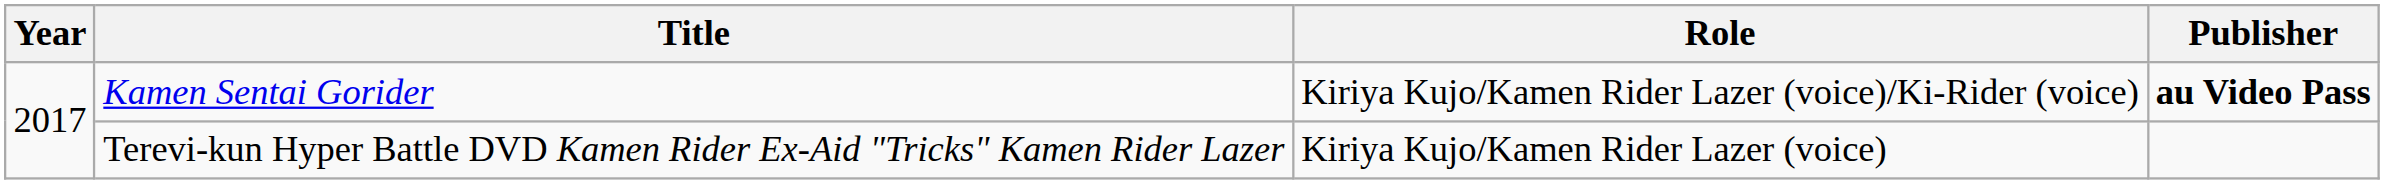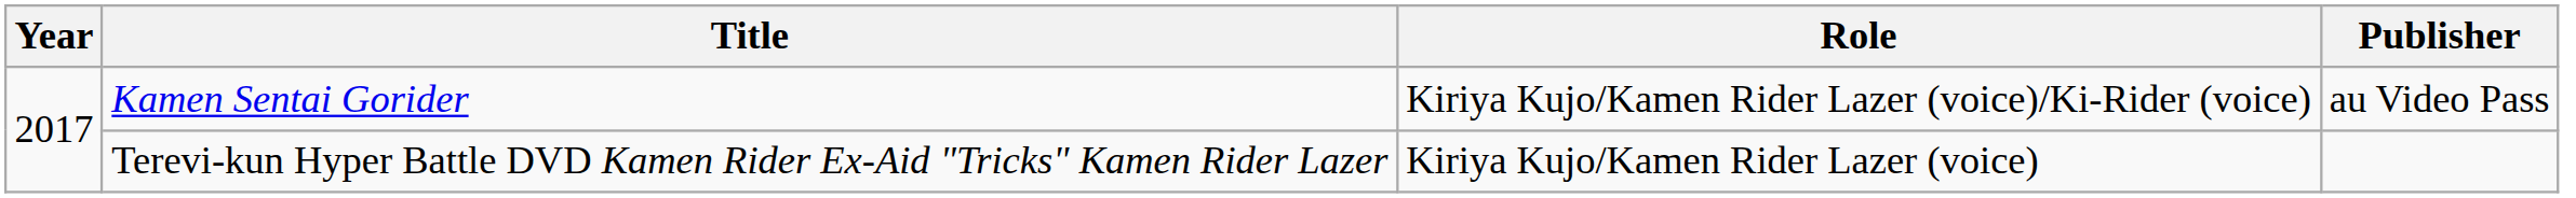 <table class="wikitable">
 <tr>
 <th>Year</th>
 <th>Title</th>
 <th>Role</th>
 <th>Publisher</th>
 </tr>
 <tr>
 <td rowspan="2">2017</td>
 <td><em><a href='#'>Kamen Sentai Gorider</a></em></td>
 <td>Kiriya Kujo/Kamen Rider Lazer (voice)/Ki-Rider (voice)</td>
-<td><strong>au Video Pass</strong></td>
+<td>au Video Pass</td>
 </tr>
 <tr>
 <td>Terevi-kun Hyper Battle DVD <em>Kamen Rider Ex-Aid "Tricks" Kamen Rider Lazer</em></td>
 <td>Kiriya Kujo/Kamen Rider Lazer (voice)</td>
 <td></td>
 </tr>
 </table>
